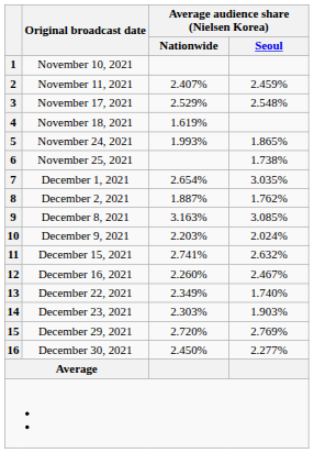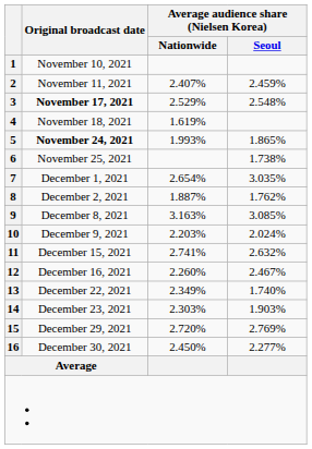 <table class="wikitable" style="text-align:center; max-width:500px; margin-left: auto; margin-right: auto; border: none;">
 <tr>
 </tr>
 <tr>
 <th rowspan="2"></th>
 <th rowspan="2">Original broadcast date</th>
 <th colspan="2">Average audience share<br>(Nielsen Korea)</th>
 </tr>
 <tr>
 <th width="100">Nationwide</th>
 <th width="100"><a href='#'>Seoul</a></th>
 </tr>
 <tr>
 <th>1</th>
 <td>November 10, 2021</td>
 <td><strong></strong> </td>
 <td><strong></strong> </td>
 </tr>
 <tr>
 <th>2</th>
 <td>November 11, 2021</td>
 <td>2.407% </td>
 <td>2.459% </td>
 </tr>
 <tr>
 <th>3</th>
-<td>November 17, 2021</td>
+<td><strong>November 17, 2021</strong></td>
 <td>2.529% </td>
 <td>2.548% </td>
 </tr>
 <tr>
 <th>4</th>
 <td>November 18, 2021</td>
 <td>1.619% </td>
 <td><strong></strong> </td>
 </tr>
 <tr>
 <th>5</th>
-<td>November 24, 2021</td>
+<td><strong>November 24, 2021</strong></td>
 <td>1.993% </td>
 <td>1.865% </td>
 </tr>
 <tr>
 <th>6</th>
 <td>November 25, 2021</td>
 <td><strong></strong> </td>
 <td>1.738% </td>
 </tr>
 <tr>
 <th>7</th>
 <td>December 1, 2021</td>
 <td>2.654% </td>
 <td>3.035% </td>
 </tr>
 <tr>
 <th>8</th>
 <td>December 2, 2021</td>
 <td>1.887% </td>
 <td>1.762% </td>
 </tr>
 <tr>
 <th>9</th>
 <td>December 8, 2021</td>
 <td>3.163% </td>
 <td>3.085% </td>
 </tr>
 <tr>
 <th>10</th>
 <td>December 9, 2021</td>
 <td>2.203% </td>
 <td>2.024% </td>
 </tr>
 <tr>
 <th>11</th>
 <td>December 15, 2021</td>
 <td>2.741% </td>
 <td>2.632% </td>
 </tr>
 <tr>
 <th>12</th>
 <td>December 16, 2021</td>
 <td>2.260% </td>
 <td>2.467% </td>
 </tr>
 <tr>
 <th>13</th>
 <td>December 22, 2021</td>
 <td>2.349% </td>
 <td>1.740% </td>
 </tr>
 <tr>
 <th>14</th>
 <td>December 23, 2021</td>
 <td>2.303% </td>
 <td>1.903% </td>
 </tr>
 <tr>
 <th>15</th>
 <td>December 29, 2021</td>
 <td>2.720% </td>
 <td>2.769% </td>
 </tr>
 <tr>
 <th>16</th>
 <td>December 30, 2021</td>
 <td>2.450% </td>
 <td>2.277% </td>
 </tr>
 <tr>
 <th colspan="2">Average</th>
 <th></th>
 <th></th>
 </tr>
 <tr>
 <td colspan="4"><br><ul><li></li><li></li></ul></td>
 </tr>
 </table>
